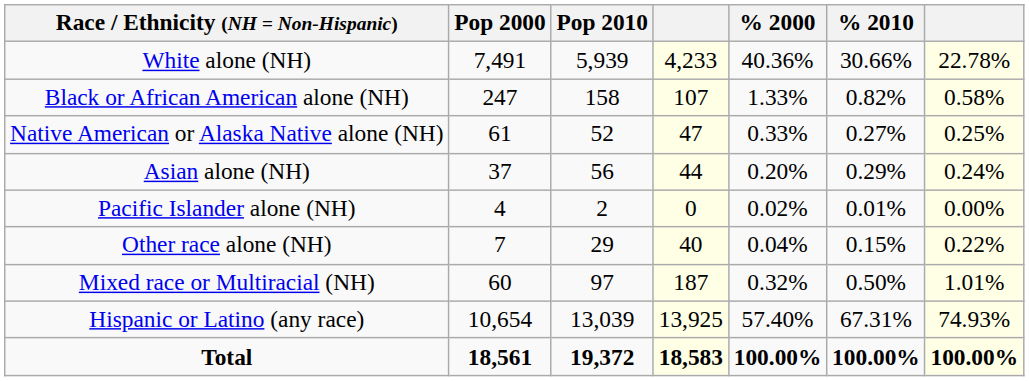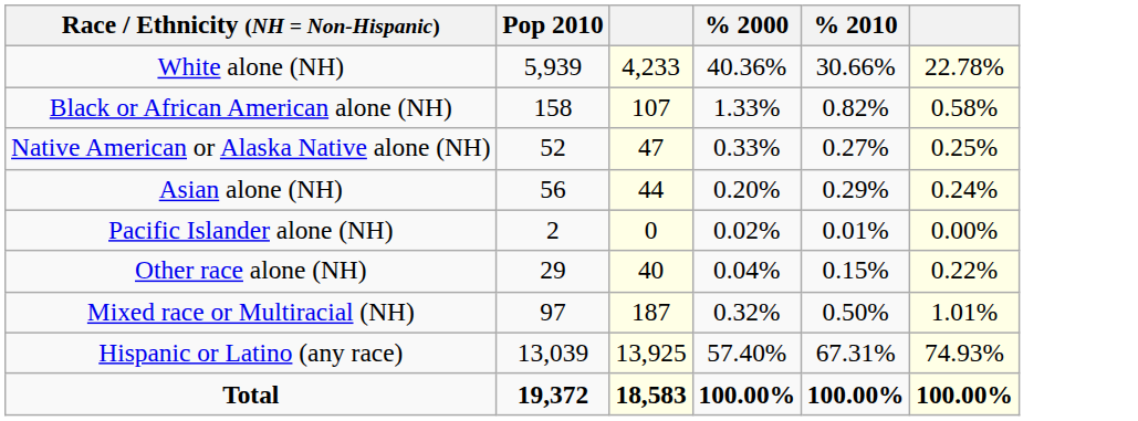 <table class="wikitable" style="text-align:center;">
 <tr>
 <th>Race / Ethnicity <small>(<em>NH = Non-Hispanic</em>)</small></th>
-<th>Pop 2000</th>
 <th>Pop 2010</th>
 <th></th>
 <th>% 2000</th>
 <th>% 2010</th>
 <th></th>
 </tr>
 <tr>
 <td><a href='#'>White</a> alone (NH)</td>
-<td>7,491</td>
 <td>5,939</td>
 <td style='background: #ffffe6;'>4,233</td>
 <td>40.36%</td>
 <td>30.66%</td>
 <td style='background: #ffffe6;'>22.78%</td>
 </tr>
 <tr>
 <td><a href='#'>Black or African American</a> alone (NH)</td>
-<td>247</td>
 <td>158</td>
 <td style='background: #ffffe6;'>107</td>
 <td>1.33%</td>
 <td>0.82%</td>
 <td style='background: #ffffe6;'>0.58%</td>
 </tr>
 <tr>
 <td><a href='#'>Native American</a> or <a href='#'>Alaska Native</a> alone (NH)</td>
-<td>61</td>
 <td>52</td>
 <td style='background: #ffffe6;'>47</td>
 <td>0.33%</td>
 <td>0.27%</td>
 <td style='background: #ffffe6;'>0.25%</td>
 </tr>
 <tr>
 <td><a href='#'>Asian</a> alone (NH)</td>
-<td>37</td>
 <td>56</td>
 <td style='background: #ffffe6;'>44</td>
 <td>0.20%</td>
 <td>0.29%</td>
 <td style='background: #ffffe6;'>0.24%</td>
 </tr>
 <tr>
 <td><a href='#'>Pacific Islander</a> alone (NH)</td>
-<td>4</td>
 <td>2</td>
 <td style='background: #ffffe6;'>0</td>
 <td>0.02%</td>
 <td>0.01%</td>
 <td style='background: #ffffe6;'>0.00%</td>
 </tr>
 <tr>
 <td><a href='#'>Other race</a> alone (NH)</td>
-<td>7</td>
 <td>29</td>
 <td style='background: #ffffe6;'>40</td>
 <td>0.04%</td>
 <td>0.15%</td>
 <td style='background: #ffffe6;'>0.22%</td>
 </tr>
 <tr>
 <td><a href='#'>Mixed race or Multiracial</a> (NH)</td>
-<td>60</td>
 <td>97</td>
 <td style='background: #ffffe6;'>187</td>
 <td>0.32%</td>
 <td>0.50%</td>
 <td style='background: #ffffe6;'>1.01%</td>
 </tr>
 <tr>
 <td><a href='#'>Hispanic or Latino</a> (any race)</td>
-<td>10,654</td>
 <td>13,039</td>
 <td style='background: #ffffe6;'>13,925</td>
 <td>57.40%</td>
 <td>67.31%</td>
 <td style='background: #ffffe6;'>74.93%</td>
 </tr>
 <tr>
 <td><strong>Total</strong></td>
-<td><strong>18,561</strong></td>
 <td><strong>19,372</strong></td>
 <td style='background: #ffffe6;'><strong>18,583</strong></td>
 <td><strong>100.00%</strong></td>
 <td><strong>100.00%</strong></td>
 <td style='background: #ffffe6;'><strong>100.00%</strong></td>
 </tr>
 </table>
